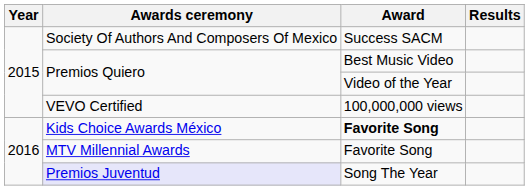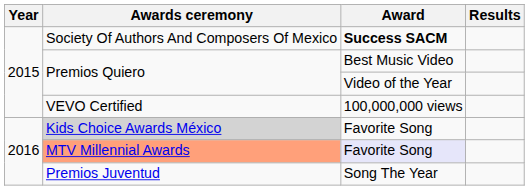 <table class="wikitable">
 <tr>
 <th>Year</th>
 <th>Awards ceremony</th>
 <th>Award</th>
 <th>Results</th>
 </tr>
 <tr>
 <td rowspan="4">2015</td>
 <td>Society Of Authors And Composers Of Mexico</td>
-<td>Success SACM</td>
+<td><strong>Success SACM</strong></td>
 <td></td>
 </tr>
 <tr>
 <td rowspan="2">Premios Quiero</td>
 <td>Best Music Video</td>
 <td></td>
 </tr>
 <tr>
 <td>Video of the Year</td>
 <td></td>
 </tr>
 <tr>
 <td>VEVO Certified</td>
 <td>100,000,000 views</td>
 <td></td>
 </tr>
 <tr>
 <td rowspan="3">2016</td>
-<td><a href='#'>Kids Choice Awards México</a></td>
-<td><strong>Favorite Song</strong></td>
-<td></td>
-</tr>
-<tr>
-<td><a href='#'>MTV Millennial Awards</a></td>
+<td style="background: lightgrey;"><a href='#'>Kids Choice Awards México</a></td>
 <td>Favorite Song</td>
 <td></td>
 </tr>
 <tr>
-<td style="background: lavender;"><a href='#'>Premios Juventud</a></td>
+<td style="background: lightsalmon;"><a href='#'>MTV Millennial Awards</a></td>
+<td style="background: lavender;">Favorite Song</td>
+<td></td>
+</tr>
+<tr>
+<td><a href='#'>Premios Juventud</a></td>
 <td>Song The Year</td>
 <td></td>
 </tr>
 </table>
